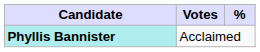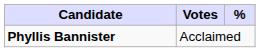 <table class="wikitable">
 <tr>
 <th style="background:#ddf; width:200px;">Candidate</th>
 <th style="background:#ddf; width:50px;">Votes</th>
 <th style="background:#ddf; width:30px;">%</th>
 </tr>
 <tr>
-<td style="background: paleturquoise;"><strong>Phyllis Bannister</strong></td>
+<td><strong>Phyllis Bannister</strong></td>
 <td colspan="2">Acclaimed</td>
 </tr>
 </table>
